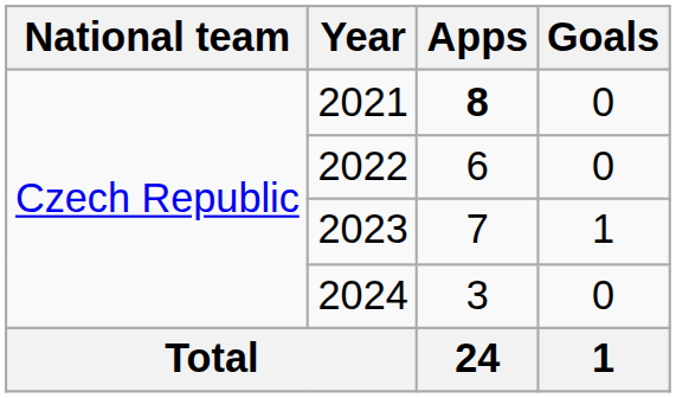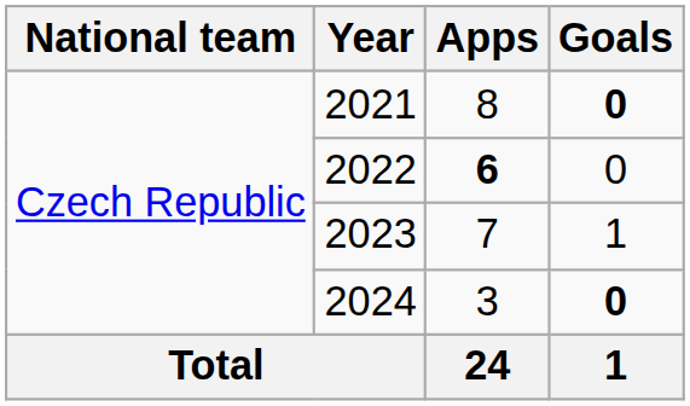 <table class=wikitable style=text-align:center>
 <tr>
 <th>National team</th>
 <th>Year</th>
 <th>Apps</th>
 <th>Goals</th>
 </tr>
 <tr>
 <td rowspan="4"><a href='#'>Czech Republic</a></td>
 <td>2021</td>
-<td><strong>8</strong></td>
-<td>0</td>
+<td>8</td>
+<td><strong>0</strong></td>
 </tr>
 <tr>
 <td>2022</td>
-<td>6</td>
+<td><strong>6</strong></td>
 <td>0</td>
 </tr>
 <tr>
 <td>2023</td>
 <td>7</td>
 <td>1</td>
 </tr>
 <tr>
 <td>2024</td>
 <td>3</td>
-<td>0</td>
+<td><strong>0</strong></td>
 </tr>
 <tr>
 <th colspan="2">Total</th>
 <th>24</th>
 <th>1</th>
 </tr>
 </table>
